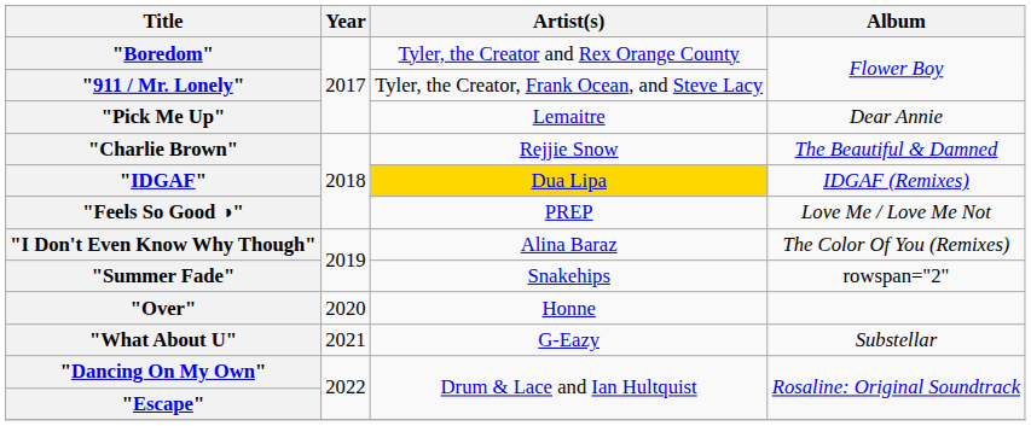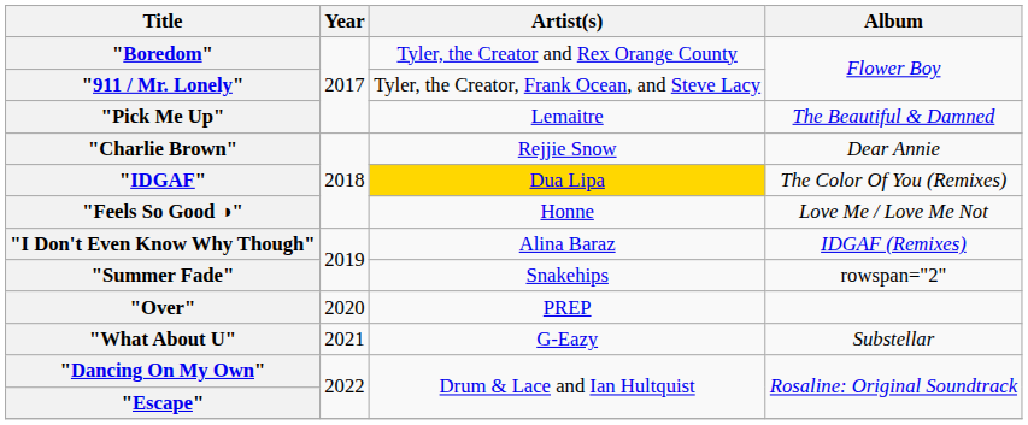 <table class="wikitable plainrowheaders" style="text-align:center;">
 <tr>
 <th scope="col">Title</th>
 <th>Year</th>
 <th scope="col">Artist(s)</th>
 <th scope="col">Album</th>
 </tr>
 <tr>
 <th scope="row">"<a href='#'>Boredom</a>"</th>
 <td rowspan="3">2017</td>
 <td><a href='#'>Tyler, the Creator</a> and <a href='#'>Rex Orange County</a></td>
 <td rowspan="2"><em><a href='#'>Flower Boy</a></em></td>
 </tr>
 <tr>
 <th scope="row">"<a href='#'>911 / Mr. Lonely</a>"</th>
 <td>Tyler, the Creator, <a href='#'>Frank Ocean</a>, and <a href='#'>Steve Lacy</a></td>
 </tr>
 <tr>
 <th scope="row">"Pick Me Up"</th>
 <td><a href='#'>Lemaitre</a></td>
-<td><em>Dear Annie</em></td>
+<td><em><a href='#'>The Beautiful & Damned</a></em></td>
 </tr>
 <tr>
 <th scope="row">"Charlie Brown"</th>
 <td rowspan="3">2018</td>
 <td><a href='#'>Rejjie Snow</a></td>
-<td><em><a href='#'>The Beautiful & Damned</a></em></td>
+<td><em>Dear Annie</em></td>
 </tr>
 <tr>
 <th scope="row">"<a href='#'>IDGAF</a>"<br></th>
 <td style="background: gold;"><a href='#'>Dua Lipa</a></td>
-<td><em><a href='#'>IDGAF (Remixes)</a></em></td>
+<td><em>The Color Of You (Remixes)</em></td>
 </tr>
 <tr>
 <th scope="row">"Feels So Good ◑"</th>
-<td><a href='#'>PREP</a></td>
+<td><a href='#'>Honne</a></td>
 <td><em>Love Me / Love Me Not</em></td>
 </tr>
 <tr>
 <th scope="row">"I Don't Even Know Why Though"<br></th>
 <td rowspan="2">2019</td>
 <td><a href='#'>Alina Baraz</a></td>
-<td><em>The Color Of You (Remixes)</em></td>
+<td><em><a href='#'>IDGAF (Remixes)</a></em></td>
 </tr>
 <tr>
 <th scope="row">"Summer Fade"</th>
 <td><a href='#'>Snakehips</a></td>
 <td>rowspan="2" </td>
 </tr>
 <tr>
 <th scope="row">"Over"</th>
 <td>2020</td>
-<td><a href='#'>Honne</a></td>
+<td><a href='#'>PREP</a></td>
 </tr>
 <tr>
 <th scope="row">"What About U"</th>
 <td>2021</td>
 <td><a href='#'>G-Eazy</a></td>
 <td><em>Substellar</em></td>
 </tr>
 <tr>
 <th scope="row">"<a href='#'>Dancing On My Own</a>"</th>
 <td rowspan="2">2022</td>
 <td rowspan="2"><a href='#'>Drum & Lace</a> and <a href='#'>Ian Hultquist</a></td>
 <td rowspan="2"><em><a href='#'>Rosaline: Original Soundtrack</a></em></td>
 </tr>
 <tr>
 <th scope="row">"<a href='#'>Escape</a>"</th>
 </tr>
 <tr>
 </tr>
 </table>
